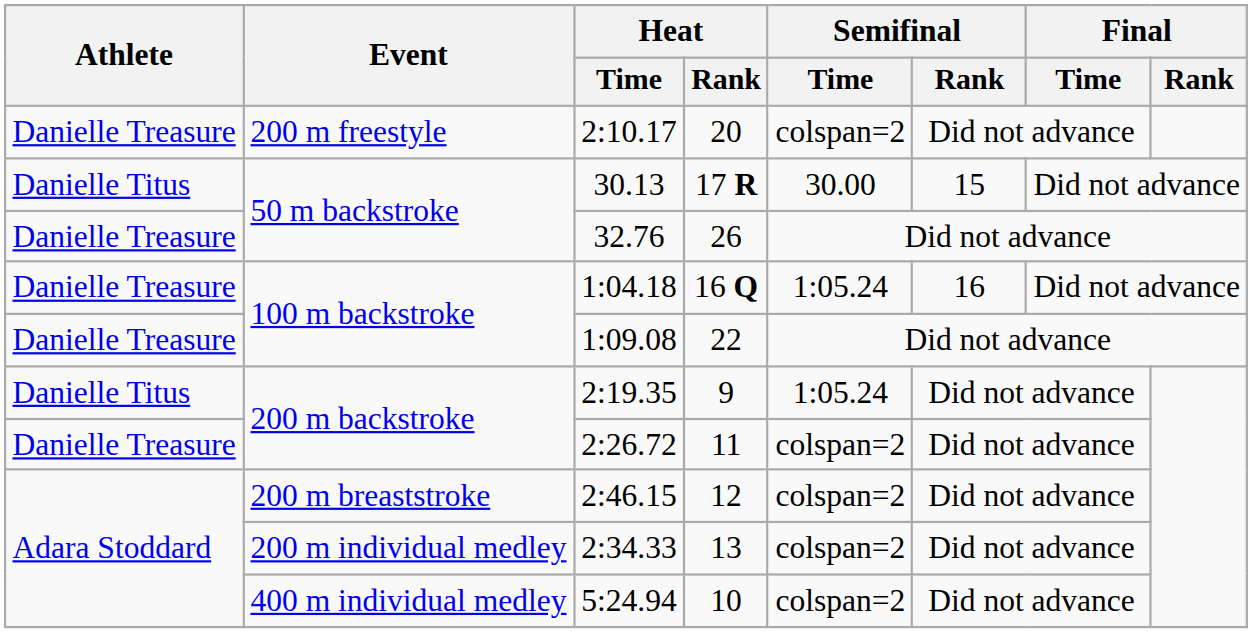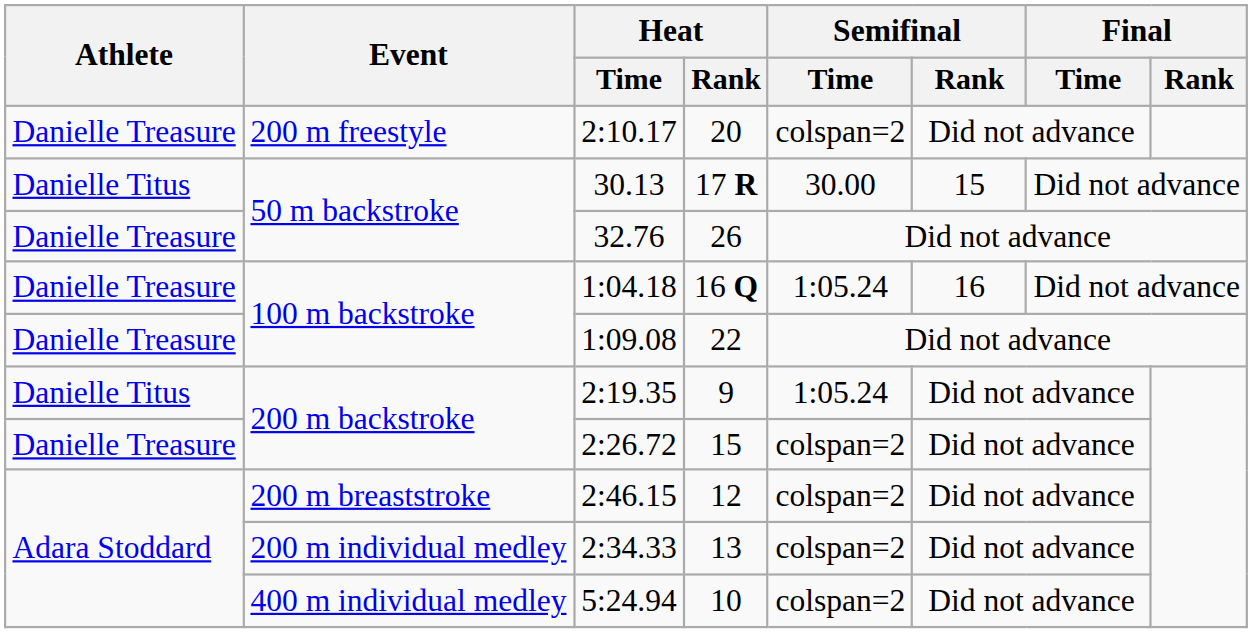 <table class=wikitable style=font-size:90%>
 <tr>
 <th rowspan=2>Athlete</th>
 <th rowspan=2>Event</th>
 <th colspan=2>Heat</th>
 <th colspan=2>Semifinal</th>
 <th colspan=2>Final</th>
 </tr>
 <tr style=font-size:95%>
 <th>Time</th>
 <th>Rank</th>
 <th>Time</th>
 <th>Rank</th>
 <th>Time</th>
 <th>Rank</th>
 </tr>
 <tr align=center>
 <td align=left><a href='#'>Danielle Treasure</a></td>
 <td align=left rowspan="1"><a href='#'>200 m freestyle</a></td>
 <td>2:10.17</td>
 <td>20</td>
 <td>colspan=2 </td>
 <td colspan=2>Did not advance</td>
 </tr>
 <tr align=center>
 <td align=left><a href='#'>Danielle Titus</a></td>
 <td align=left rowspan="2"><a href='#'>50 m backstroke</a></td>
 <td>30.13</td>
 <td>17 <strong>R</strong></td>
 <td>30.00</td>
 <td>15</td>
 <td colspan=2>Did not advance</td>
 </tr>
 <tr align=center>
 <td align=left><a href='#'>Danielle Treasure</a></td>
 <td>32.76</td>
 <td>26</td>
 <td colspan="4">Did not advance</td>
 </tr>
 <tr align=center>
 <td align=left><a href='#'>Danielle Treasure</a></td>
 <td align=left rowspan="2"><a href='#'>100 m backstroke</a></td>
 <td>1:04.18</td>
 <td>16 <strong>Q</strong></td>
 <td>1:05.24</td>
 <td>16</td>
 <td colspan=2>Did not advance</td>
 </tr>
 <tr align=center>
 <td align=left><a href='#'>Danielle Treasure</a></td>
 <td>1:09.08</td>
 <td>22</td>
 <td colspan=4>Did not advance</td>
 </tr>
 <tr align=center>
 <td align=left><a href='#'>Danielle Titus</a></td>
 <td align=left rowspan="2"><a href='#'>200 m backstroke</a></td>
 <td>2:19.35</td>
 <td>9</td>
 <td>1:05.24</td>
 <td colspan=2>Did not advance</td>
 </tr>
 <tr align=center>
 <td align=left><a href='#'>Danielle Treasure</a></td>
 <td>2:26.72</td>
-<td>11</td>
+<td>15</td>
 <td>colspan=2 </td>
 <td colspan=2>Did not advance</td>
 </tr>
 <tr align=center>
 <td align=left rowspan=3><a href='#'>Adara Stoddard</a></td>
 <td align=left rowspan="1"><a href='#'>200 m breaststroke</a></td>
 <td>2:46.15</td>
 <td>12</td>
 <td>colspan=2 </td>
 <td colspan=2>Did not advance</td>
 </tr>
 <tr align=center>
 <td align=left rowspan="1"><a href='#'>200 m individual medley</a></td>
 <td>2:34.33</td>
 <td>13</td>
 <td>colspan=2 </td>
 <td colspan=2>Did not advance</td>
 </tr>
 <tr align=center>
 <td align=left rowspan="1"><a href='#'>400 m individual medley</a></td>
 <td>5:24.94</td>
 <td>10</td>
 <td>colspan=2 </td>
 <td colspan=2>Did not advance</td>
 </tr>
 </table>
